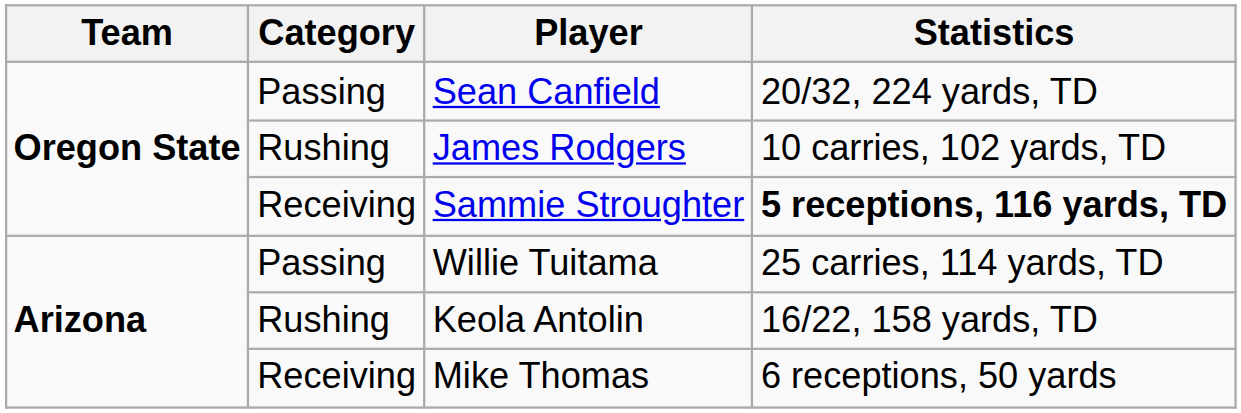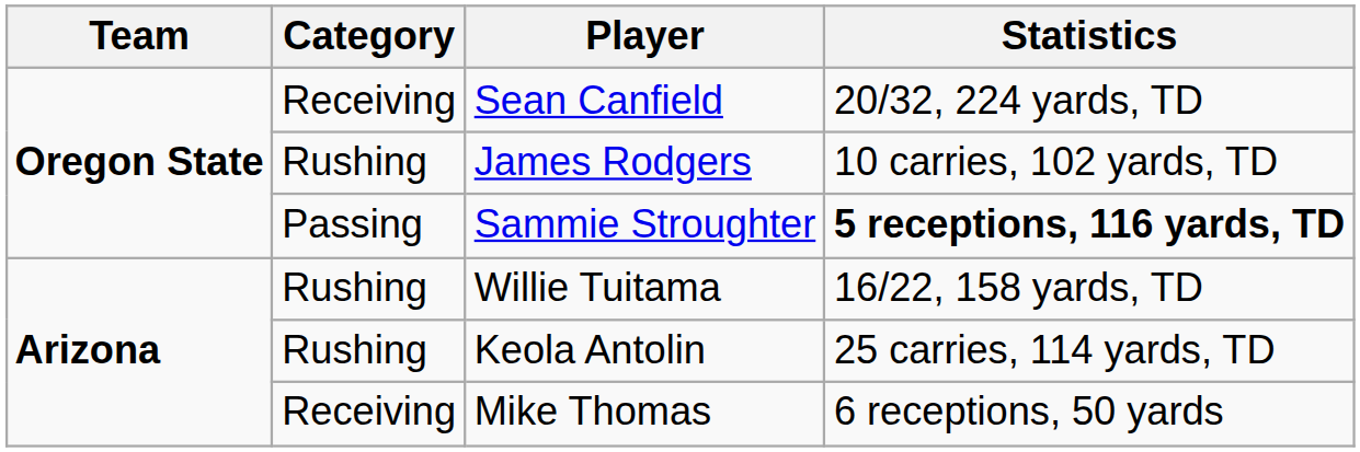 <table class="wikitable" style="float: right;">
 <tr>
 <th>Team</th>
 <th>Category</th>
 <th>Player</th>
 <th>Statistics</th>
 </tr>
 <tr>
 <td rowspan=3><strong>Oregon State</strong></td>
-<td>Passing</td>
+<td>Receiving</td>
 <td><a href='#'>Sean Canfield</a></td>
 <td>20/32, 224 yards, TD</td>
 </tr>
 <tr>
 <td>Rushing</td>
 <td><a href='#'>James Rodgers</a></td>
 <td>10 carries, 102 yards, TD</td>
 </tr>
 <tr>
-<td>Receiving</td>
+<td>Passing</td>
 <td><a href='#'>Sammie Stroughter</a></td>
 <td><strong>5 receptions, 116 yards, TD</strong></td>
 </tr>
 <tr>
 <td rowspan=3><strong>Arizona</strong></td>
-<td>Passing</td>
+<td>Rushing</td>
 <td>Willie Tuitama</td>
-<td>25 carries, 114 yards, TD</td>
+<td>16/22, 158 yards, TD</td>
 </tr>
 <tr>
 <td>Rushing</td>
 <td>Keola Antolin</td>
-<td>16/22, 158 yards, TD</td>
+<td>25 carries, 114 yards, TD</td>
 </tr>
 <tr>
 <td>Receiving</td>
 <td>Mike Thomas</td>
 <td>6 receptions, 50 yards</td>
 </tr>
 </table>
